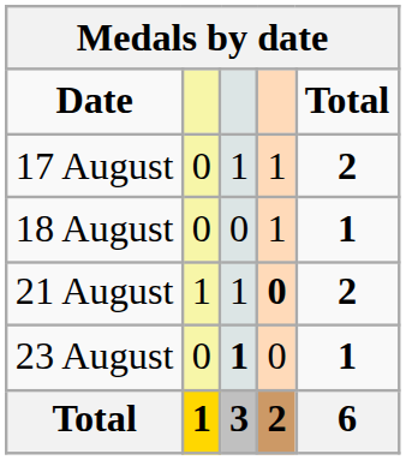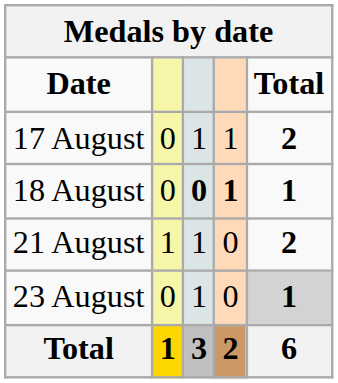 <table class="wikitable" style="font-size:85%">
 <tr bgcolor="#efefef">
 <th colspan=6>Medals by date</th>
 </tr>
 <tr align=center>
 <td><strong>Date</strong></td>
 <td bgcolor=#f7f6a8></td>
 <td bgcolor=#dce5e5></td>
 <td bgcolor=#ffdab9></td>
 <td><strong>Total</strong></td>
 </tr>
 <tr align=center>
 <td>17 August</td>
 <td style="background:#F7F6A8;">0</td>
 <td style="background:#DCE5E5;">1</td>
 <td style="background:#FFDAB9;">1</td>
 <td><strong>2</strong></td>
 </tr>
 <tr align=center>
 <td>18 August</td>
 <td style="background:#F7F6A8;">0</td>
-<td style="background:#DCE5E5;">0</td>
-<td style="background:#FFDAB9;">1</td>
+<td style="background:#DCE5E5;"><strong>0</strong></td>
+<td style="background:#FFDAB9;"><strong>1</strong></td>
 <td><strong>1</strong></td>
 </tr>
 <tr align=center>
 <td>21 August</td>
 <td style="background:#F7F6A8;">1</td>
 <td style="background:#DCE5E5;">1</td>
-<td style="background:#FFDAB9;"><strong>0</strong></td>
+<td style="background:#FFDAB9;">0</td>
 <td><strong>2</strong></td>
 </tr>
 <tr align=center>
 <td>23 August</td>
 <td style="background:#F7F6A8;">0</td>
-<td style="background:#DCE5E5;"><strong>1</strong></td>
+<td style="background:#DCE5E5;">1</td>
 <td style="background:#FFDAB9;">0</td>
-<td><strong>1</strong></td>
+<td style="background: lightgrey;"><strong>1</strong></td>
 </tr>
 <tr align=center>
 <th><strong>Total</strong></th>
 <th style="background:gold;"><strong>1</strong></th>
 <th style="background:silver;"><strong>3</strong></th>
 <th style="background:#c96;"><strong>2</strong></th>
 <th>6</th>
 </tr>
 </table>
